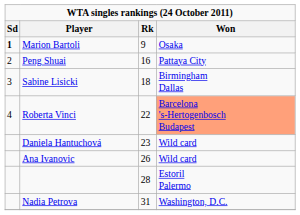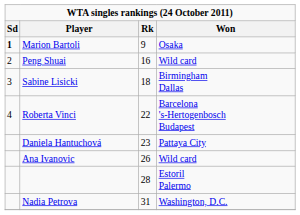 <table class="wikitable" style="float:right; margin-left:1em;font-size:90%;" text="justify">
 <tr align="center">
 <td colspan=4><strong> WTA singles rankings (24 October 2011)</strong></td>
 </tr>
 <tr>
 <th width=15>Sd</th>
 <th width=170>Player</th>
 <th width=20>Rk</th>
 <th width=200>Won</th>
 </tr>
 <tr>
 <td><strong>1</strong></td>
 <td> <a href='#'>Marion Bartoli</a></td>
 <td>9</td>
 <td><a href='#'>Osaka</a></td>
 </tr>
 <tr>
 <td>2</td>
 <td> <a href='#'>Peng Shuai</a></td>
 <td>16</td>
-<td><a href='#'>Pattaya City</a></td>
+<td><a href='#'>Wild card</a></td>
 </tr>
 <tr>
 <td>3</td>
 <td> <a href='#'>Sabine Lisicki</a></td>
 <td>18</td>
 <td><a href='#'>Birmingham</a> <br> <a href='#'>Dallas</a></td>
 </tr>
 <tr>
 <td>4</td>
 <td> <a href='#'>Roberta Vinci</a></td>
 <td>22</td>
-<td style="background: lightsalmon;"><a href='#'>Barcelona</a> <br> <a href='#'>'s-Hertogenbosch</a> <br> <a href='#'>Budapest</a></td>
+<td><a href='#'>Barcelona</a> <br> <a href='#'>'s-Hertogenbosch</a> <br> <a href='#'>Budapest</a></td>
 </tr>
 <tr>
 <td></td>
 <td> <a href='#'>Daniela Hantuchová</a></td>
 <td>23</td>
-<td><a href='#'>Wild card</a></td>
+<td><a href='#'>Pattaya City</a></td>
 </tr>
 <tr>
 <td></td>
 <td> <a href='#'>Ana Ivanovic</a></td>
 <td>26</td>
 <td><a href='#'>Wild card</a></td>
 </tr>
 <tr>
 <td></td>
 <td></td>
 <td>28</td>
 <td><a href='#'>Estoril</a> <br> <a href='#'>Palermo</a></td>
 </tr>
 <tr>
 <td></td>
 <td> <a href='#'>Nadia Petrova</a></td>
 <td>31</td>
 <td><a href='#'>Washington, D.C.</a></td>
 </tr>
 <tr>
 </tr>
 </table>
